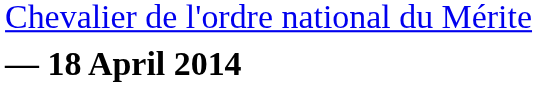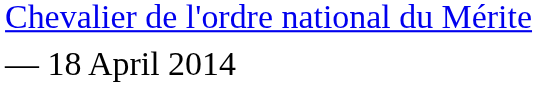 <table>
 <tr>
 <td rowspan="2" style="width:60px; vertical-align:top;"></td>
 <td><a href='#'>Chevalier de l'ordre national du Mérite</a></td>
 </tr>
 <tr>
-<td><strong>— 18 April 2014</strong></td>
+<td>— 18 April 2014</td>
 </tr>
 </table>
